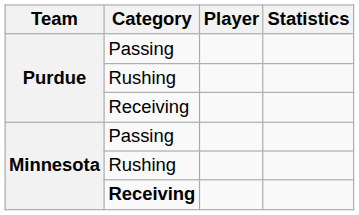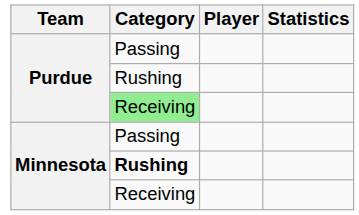 <table class="wikitable" style="float:right">
 <tr>
 <th>Team</th>
 <th>Category</th>
 <th>Player</th>
 <th>Statistics</th>
 </tr>
 <tr>
 <th rowspan=3>Purdue</th>
 <td>Passing</td>
 <td></td>
 <td></td>
 </tr>
 <tr>
 <td>Rushing</td>
 <td></td>
 <td></td>
 </tr>
 <tr>
-<td>Receiving</td>
+<td style="background: lightgreen;">Receiving</td>
 <td></td>
 <td></td>
 </tr>
 <tr>
 <th rowspan=3>Minnesota</th>
 <td>Passing</td>
 <td></td>
 <td></td>
 </tr>
 <tr>
-<td>Rushing</td>
+<td><strong>Rushing</strong></td>
 <td></td>
 <td></td>
 </tr>
 <tr>
-<td><strong>Receiving</strong></td>
+<td>Receiving</td>
 <td></td>
 <td></td>
 </tr>
 </table>
